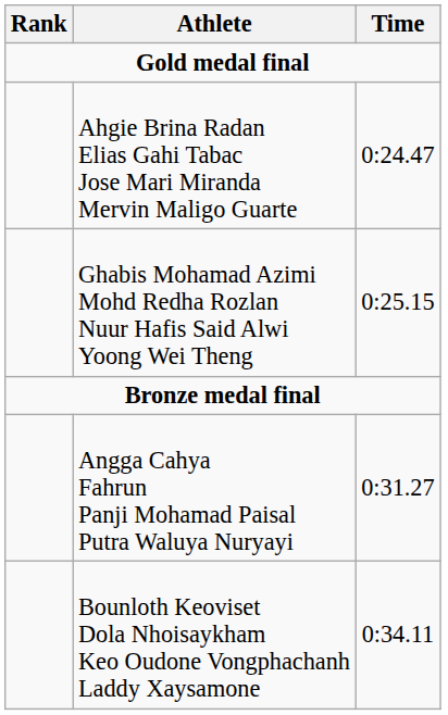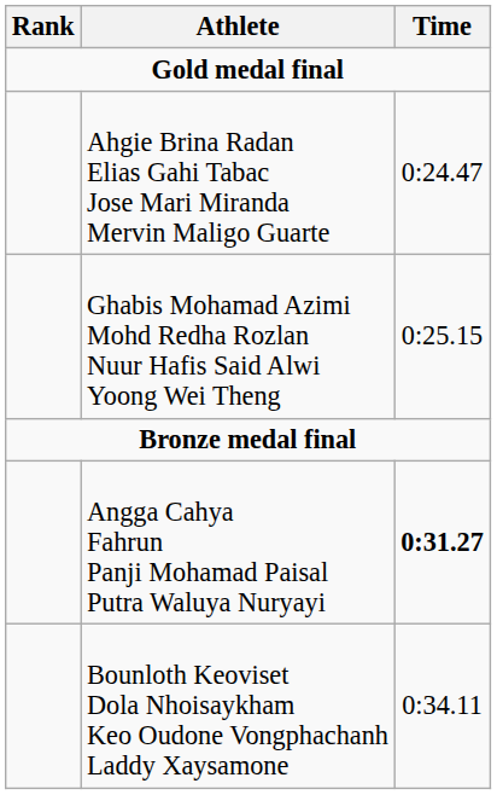 <table class="wikitable sortable" style="text-align:center">
 <tr>
 <th>Rank</th>
 <th>Athlete</th>
 <th>Time</th>
 </tr>
 <tr>
 <td colspan=7><strong>Gold medal final</strong></td>
 </tr>
 <tr>
 <td></td>
 <td align="left"><br>Ahgie Brina Radan<br>Elias Gahi Tabac<br>Jose Mari Miranda<br>Mervin Maligo Guarte</td>
 <td>0:24.47</td>
 </tr>
 <tr>
 <td></td>
 <td align="left"><br>Ghabis Mohamad Azimi<br>Mohd Redha Rozlan<br>Nuur Hafis Said Alwi<br>Yoong Wei Theng</td>
 <td>0:25.15</td>
 </tr>
 <tr>
 <td colspan=7><strong>Bronze medal final</strong></td>
 </tr>
 <tr>
 <td></td>
 <td align="left"><br>Angga Cahya<br>Fahrun<br>Panji Mohamad Paisal<br>Putra Waluya Nuryayi</td>
-<td>0:31.27</td>
+<td><strong>0:31.27</strong></td>
 </tr>
 <tr>
 <td></td>
 <td align="left"><br>Bounloth Keoviset<br>Dola Nhoisaykham<br>Keo Oudone Vongphachanh<br>Laddy Xaysamone</td>
 <td>0:34.11</td>
 </tr>
 </table>
